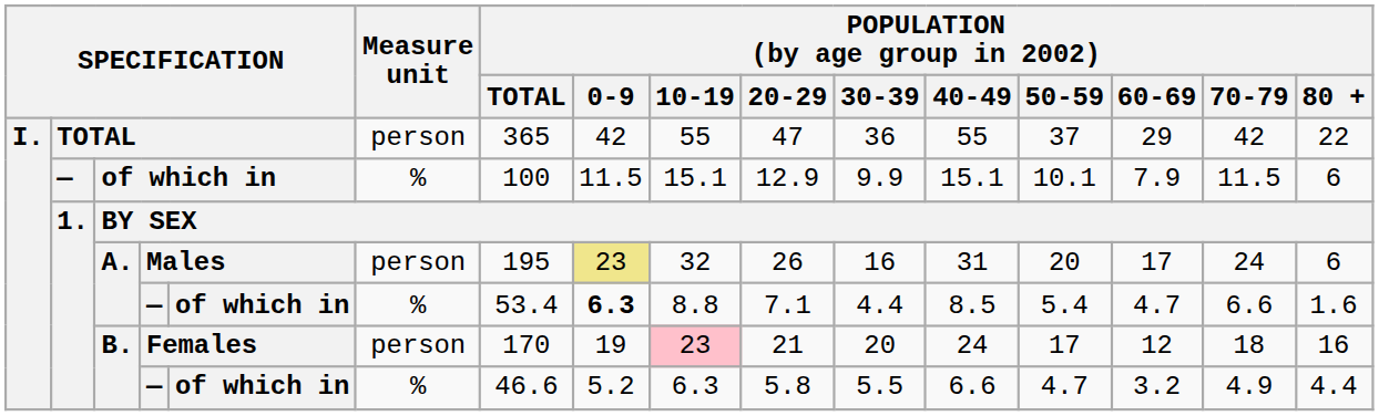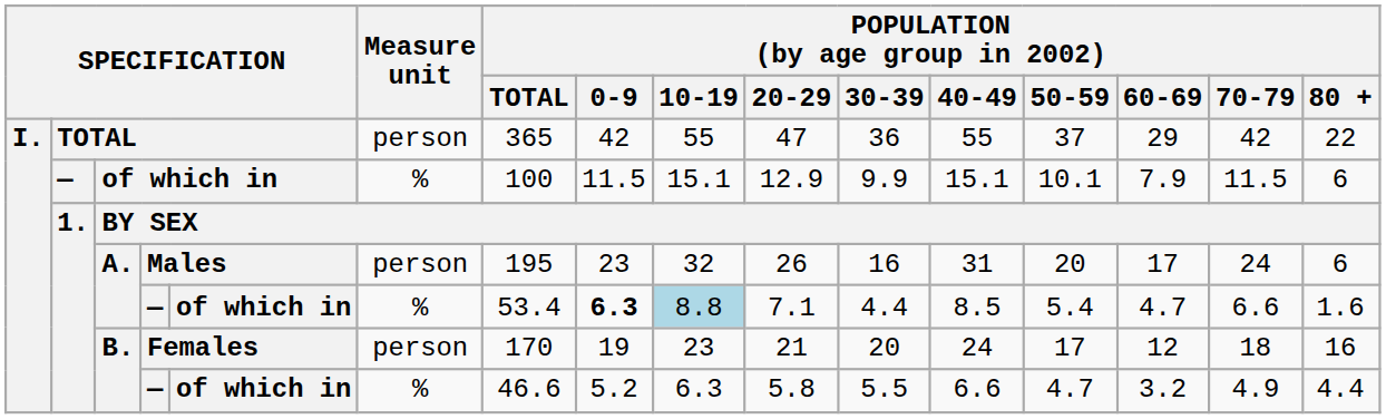 <table class="wikitable" style="font-size:85%; text-align:center">
 <tr>
 <th rowspan="2" colspan="5">SPECIFICATION</th>
 <th rowspan="2">Measure<br> unit</th>
 <th colspan="10" rowspan="1">POPULATION<br> (by age group in 2002)</th>
 </tr>
 <tr>
 <th>TOTAL</th>
 <th>0-9</th>
 <th>10-19</th>
 <th>20-29</th>
 <th>30-39</th>
 <th>40-49</th>
 <th>50-59</th>
 <th>60-69</th>
 <th>70-79</th>
 <th>80 +</th>
 </tr>
 <tr>
 <th style="text-align:left" valign="top" rowspan="7">I.</th>
 <th style="text-align:left" colspan="4">TOTAL</th>
 <td>person</td>
 <td>365</td>
 <td>42</td>
 <td>55</td>
 <td>47</td>
 <td>36</td>
 <td>55</td>
 <td>37</td>
 <td>29</td>
 <td>42</td>
 <td>22</td>
 </tr>
 <tr>
 <th style="text-align:left" valign="top">—</th>
 <th style="text-align:left" colspan="3">of which in</th>
 <td>%</td>
 <td>100</td>
 <td>11.5</td>
 <td>15.1</td>
 <td>12.9</td>
 <td>9.9</td>
 <td>15.1</td>
 <td>10.1</td>
 <td>7.9</td>
 <td>11.5</td>
 <td>6</td>
 </tr>
 <tr>
 <th style="text-align:left" valign="top" rowspan="5">1.</th>
 <th style="text-align:left" colspan="14">BY SEX</th>
 </tr>
 <tr>
 <th style="text-align:left" valign="top" rowspan="2">A.</th>
 <th style="text-align:left" colspan="2">Males</th>
 <td>person</td>
 <td>195</td>
-<td style="background: khaki;">23</td>
+<td>23</td>
 <td>32</td>
 <td>26</td>
 <td>16</td>
 <td>31</td>
 <td>20</td>
 <td>17</td>
 <td>24</td>
 <td>6</td>
 </tr>
 <tr>
 <th style="text-align:left" valign="top">—</th>
 <th style="text-align:left" colspan="1">of which in</th>
 <td>%</td>
 <td>53.4</td>
 <td><strong>6.3</strong></td>
-<td>8.8</td>
+<td style="background: lightblue;">8.8</td>
 <td>7.1</td>
 <td>4.4</td>
 <td>8.5</td>
 <td>5.4</td>
 <td>4.7</td>
 <td>6.6</td>
 <td>1.6</td>
 </tr>
 <tr>
 <th style="text-align:left" valign="top" rowspan="2">B.</th>
 <th style="text-align:left" colspan="2">Females</th>
 <td>person</td>
 <td>170</td>
 <td>19</td>
-<td style="background: pink;">23</td>
+<td>23</td>
 <td>21</td>
 <td>20</td>
 <td>24</td>
 <td>17</td>
 <td>12</td>
 <td>18</td>
 <td>16</td>
 </tr>
 <tr>
 <th style="text-align:left" valign="top">—</th>
 <th style="text-align:left" colspan="1">of which in</th>
 <td>%</td>
 <td>46.6</td>
 <td>5.2</td>
 <td>6.3</td>
 <td>5.8</td>
 <td>5.5</td>
 <td>6.6</td>
 <td>4.7</td>
 <td>3.2</td>
 <td>4.9</td>
 <td>4.4</td>
 </tr>
 </table>
